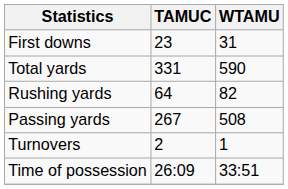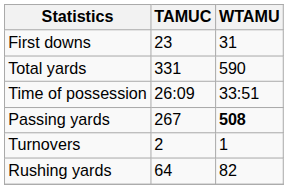 <table class="wikitable">
 <tr>
 <th>Statistics</th>
 <th>TAMUC</th>
 <th>WTAMU</th>
 </tr>
 <tr>
 <td>First downs</td>
 <td>23</td>
 <td>31</td>
 </tr>
 <tr>
 <td>Total yards</td>
 <td>331</td>
 <td>590</td>
 </tr>
 <tr>
-<td>Rushing yards</td>
-<td>64</td>
-<td>82</td>
+<td>Time of possession</td>
+<td>26:09</td>
+<td>33:51</td>
 </tr>
 <tr>
 <td>Passing yards</td>
 <td>267</td>
-<td>508</td>
+<td><strong>508</strong></td>
 </tr>
 <tr>
 <td>Turnovers</td>
 <td>2</td>
 <td>1</td>
 </tr>
 <tr>
-<td>Time of possession</td>
-<td>26:09</td>
-<td>33:51</td>
+<td>Rushing yards</td>
+<td>64</td>
+<td>82</td>
 </tr>
 <tr>
 </tr>
 </table>
